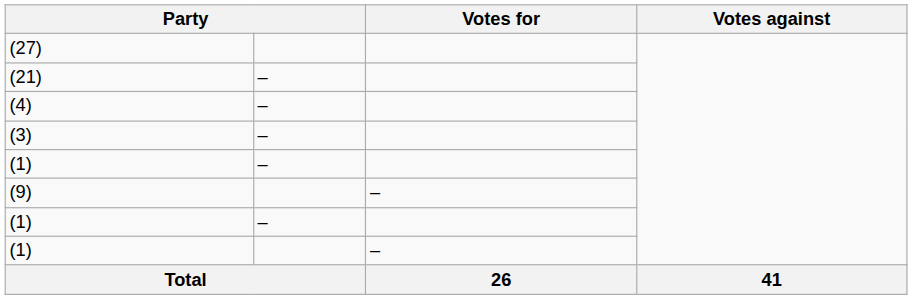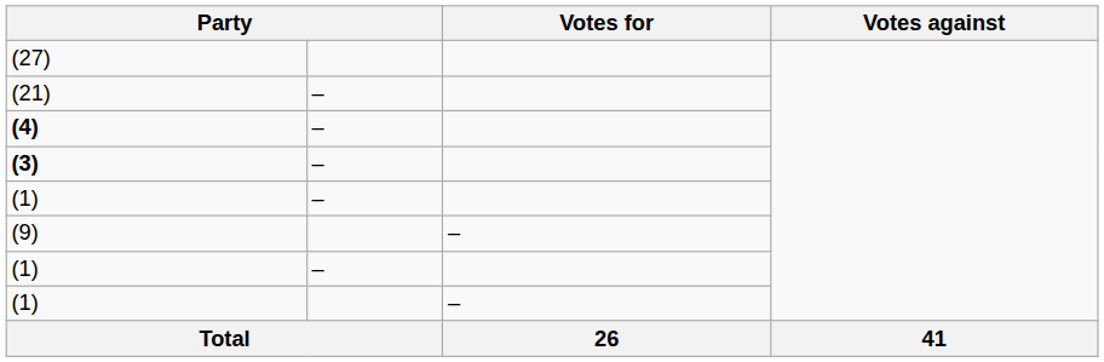 <table class="wikitable"  style="float:right; width:50%;">
 <tr>
 <th style="width:20%;" colspan="2">Party</th>
 <th style="width:15%;">Votes for</th>
 <th style="width:15%;">Votes against</th>
 </tr>
 <tr>
 <td> (27)</td>
 <td></td>
 <td></td>
 </tr>
 <tr>
 <td> (21)</td>
 <td>–</td>
 <td></td>
 </tr>
 <tr>
-<td> (4)</td>
+<td><strong> (4)</strong></td>
 <td>–</td>
 <td></td>
 </tr>
 <tr>
-<td> (3)</td>
+<td><strong> (3)</strong></td>
 <td>–</td>
 <td></td>
 </tr>
 <tr>
 <td> (1)</td>
 <td>–</td>
 <td></td>
 </tr>
 <tr>
 <td> (9)</td>
 <td></td>
 <td>–</td>
 </tr>
 <tr>
 <td> (1)</td>
 <td>–</td>
 <td></td>
 </tr>
 <tr>
 <td> (1)</td>
 <td></td>
 <td>–</td>
 </tr>
 <tr>
 <th colspan=2>Total</th>
 <th>26</th>
 <th>41</th>
 </tr>
 </table>
